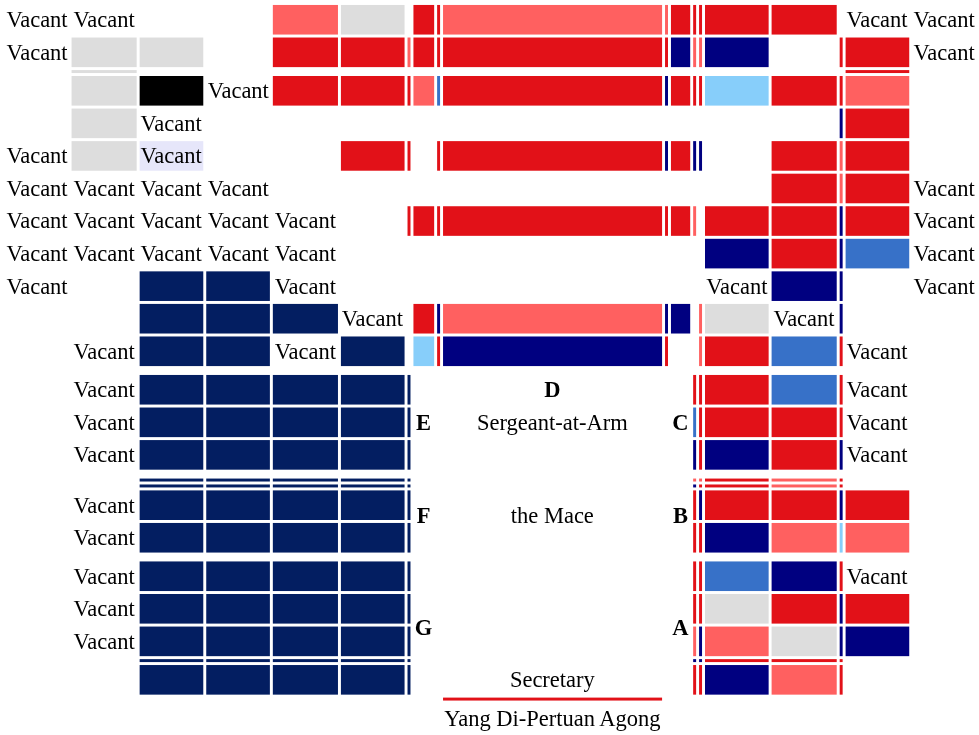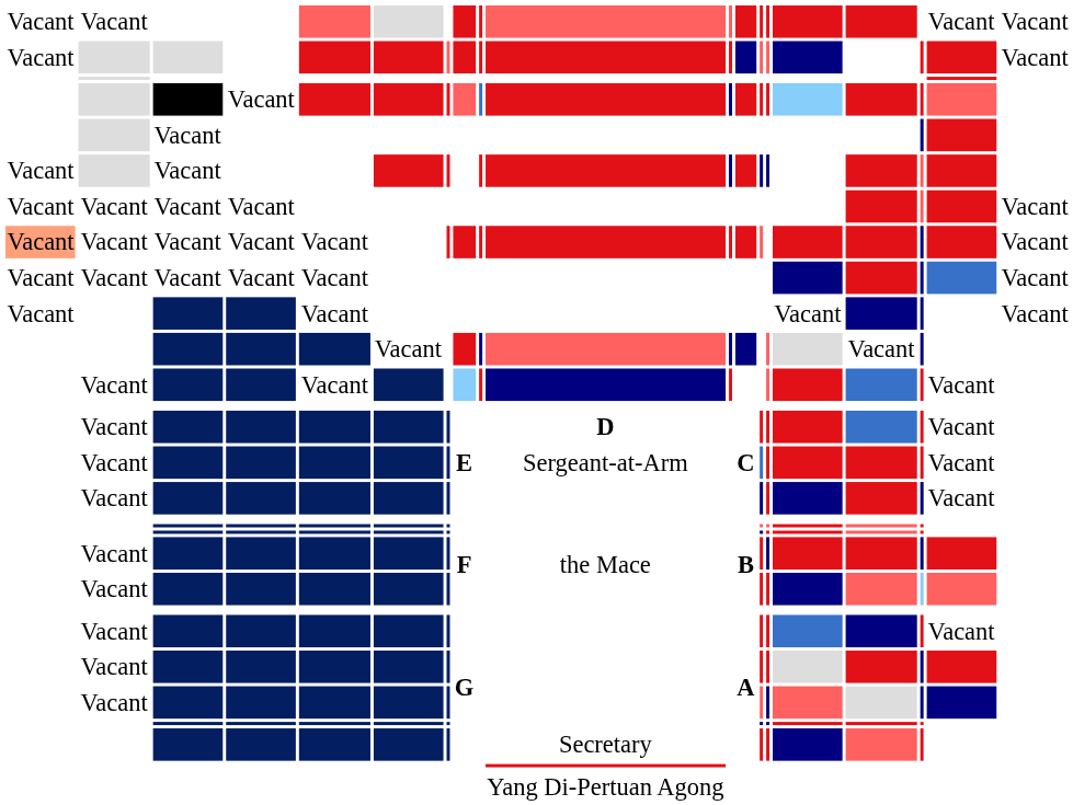 <table style="font-size:95%; text-align:center;">
 <tr>
 <td>Vacant</td>
 <td>Vacant</td>
 <td></td>
 <td style="background-color:"></td>
 <td style="background-color:#FF6060;"></td>
 <td style="background-color:#DDDDDD;"></td>
 <td style="background-color:"></td>
 <td style="background-color:#E21118;"></td>
 <td style="background-color:#E21118;"></td>
 <td style="background-color:#FF6060;"></td>
 <td style="background-color:#FF6060;"></td>
 <td style="background-color:#E21118;"></td>
 <td style="background-color:#E21118;"></td>
 <td style="background-color:#E21118;"></td>
 <td style="background-color:#E21118;"></td>
 <td style="background-color:#E21118;"></td>
 <td></td>
 <td>Vacant</td>
 <td>Vacant</td>
 </tr>
 <tr>
 <td>Vacant</td>
 <td style="background-color:#DDDDDD;"></td>
 <td style="background-color:#DDDDDD;"></td>
 <td></td>
 <td style="background-color:#E21118;"></td>
 <td style="background-color:#E21118;"></td>
 <td style="background-color:#FF6060;"></td>
 <td style="background-color:#E21118;"></td>
 <td style="background-color:#E21118;"></td>
 <td style="background-color:#E21118;"></td>
 <td style="background-color:#E21118;"></td>
 <td style="background-color:#000080;"></td>
 <td style="background-color:#FF6060;"></td>
 <td style="background-color:#FF6060;"></td>
 <td style="background-color:#000080;"></td>
 <td></td>
 <td style="background-color:#E21118;"></td>
 <td style="background-color:#E21118;"></td>
 <td>Vacant</td>
 </tr>
 <tr>
 <td></td>
 <td style="background-color:#DDDDDD;"></td>
 <td></td>
 <td></td>
 <td></td>
 <td></td>
 <td></td>
 <td></td>
 <td></td>
 <td></td>
 <td></td>
 <td></td>
 <td></td>
 <td></td>
 <td></td>
 <td></td>
 <td></td>
 <td style="background-color:#E21118;"></td>
 <td></td>
 </tr>
 <tr>
 <td></td>
 <td style="background-color:#DDDDDD;"></td>
 <td style="background-color:black;"></td>
 <td>Vacant</td>
 <td style="background-color:#E21118;"></td>
 <td style="background-color:#E21118;"></td>
 <td style="background-color:#E21118;"></td>
 <td style="background-color:#FF6060;"></td>
 <td style="background-color:#3771C8;"></td>
 <td style="background-color:#E21118;"></td>
 <td style="background-color:#000080;"></td>
 <td style="background-color:#E21118;"></td>
 <td style="background-color:#E21118;"></td>
 <td style="background-color:#E21118;"></td>
 <td style="background-color:#87CEFA;"></td>
 <td style="background-color:#E21118;"></td>
 <td style="background-color:#E21118;"></td>
 <td style="background-color:#FF6060;"></td>
 <td></td>
 </tr>
 <tr>
 <td></td>
 <td style="background-color:#DDDDDD;"></td>
 <td>Vacant</td>
 <td></td>
 <td></td>
 <td></td>
 <td></td>
 <td></td>
 <td></td>
 <td></td>
 <td></td>
 <td></td>
 <td></td>
 <td></td>
 <td></td>
 <td></td>
 <td style="background-color:#000080;"></td>
 <td style="background-color:#E21118;"></td>
 <td></td>
 </tr>
 <tr>
 <td>Vacant</td>
 <td style="background-color:#DDDDDD;"></td>
-<td style="background: lavender;">Vacant</td>
+<td>Vacant</td>
 <td></td>
 <td></td>
 <td style="background-color:#E21118;"></td>
 <td style="background-color:#E21118;"></td>
 <td style="background-color:"></td>
 <td style="background-color:#E21118;"></td>
 <td style="background-color:#E21118;"></td>
 <td style="background-color:#000080;"></td>
 <td style="background-color:#E21118;"></td>
 <td style="background-color:#000080;"></td>
 <td style="background-color:#000080;"></td>
 <td></td>
 <td style="background-color:#E21118;"></td>
 <td style="background-color:#FF6060;"></td>
 <td style="background-color:#E21118;"></td>
 </tr>
 <tr>
 <td>Vacant</td>
 <td>Vacant</td>
 <td>Vacant</td>
 <td>Vacant</td>
 <td></td>
 <td></td>
 <td></td>
 <td></td>
 <td></td>
 <td></td>
 <td></td>
 <td></td>
 <td></td>
 <td></td>
 <td></td>
 <td style="background-color:#E21118;"></td>
 <td style="background-color:#FF6060;"></td>
 <td style="background-color:#E21118;"></td>
 <td>Vacant</td>
 </tr>
 <tr>
-<td>Vacant</td>
+<td style="background: lightsalmon;">Vacant</td>
 <td>Vacant</td>
 <td>Vacant</td>
 <td>Vacant</td>
 <td>Vacant</td>
 <td></td>
 <td style="background-color:#E21118;"></td>
 <td style="background-color:#E21118;"></td>
 <td style="background-color:#E21118;"></td>
 <td style="background-color:#E21118;"></td>
 <td style="background-color:#E21118;"></td>
 <td style="background-color:#E21118;"></td>
 <td style="background-color:#FF6060;"></td>
 <td></td>
 <td style="background-color:#E21118;"></td>
 <td style="background-color:#E21118;"></td>
 <td style="background-color:#000080;"></td>
 <td style="background-color:#E21118;"></td>
 <td>Vacant</td>
 </tr>
 <tr>
 <td>Vacant</td>
 <td>Vacant</td>
 <td>Vacant</td>
 <td>Vacant</td>
 <td>Vacant</td>
 <td></td>
 <td></td>
 <td></td>
 <td></td>
 <td></td>
 <td></td>
 <td></td>
 <td></td>
 <td></td>
 <td style="background-color:#000080;"></td>
 <td style="background-color:#E21118;"></td>
 <td style="background-color:#000080;"></td>
 <td style="background-color:#3771C8;"></td>
 <td>Vacant</td>
 </tr>
 <tr>
 <td>Vacant</td>
 <td></td>
 <td style="background-color:#031E61;"></td>
 <td style="background-color:#031E61;"></td>
 <td>Vacant</td>
 <td></td>
 <td></td>
 <td></td>
 <td></td>
 <td></td>
 <td></td>
 <td></td>
 <td></td>
 <td></td>
 <td>Vacant</td>
 <td style="background-color:#000080;"></td>
 <td style="background-color:#000080;"></td>
 <td></td>
 <td>Vacant</td>
 </tr>
 <tr>
 <td></td>
 <td></td>
 <td style="background-color:#031E61;"></td>
 <td style="background-color:#031E61;"></td>
 <td style="background-color:#031E61;"></td>
 <td>Vacant</td>
 <td></td>
 <td style="background-color:#E21118;"></td>
 <td style="background-color:#000080;"></td>
 <td style="background-color:#FF6060;"></td>
 <td style="background-color:#000080;"></td>
 <td style="background-color:#000080;"></td>
 <td></td>
 <td style="background-color:#FF6060;"></td>
 <td style="background-color:#DDDDDD;"></td>
 <td>Vacant</td>
 <td style="background-color:#000080;"></td>
 </tr>
 <tr>
 <td></td>
 <td>Vacant</td>
 <td style="background-color:#031E61;"></td>
 <td style="background-color:#031E61;"></td>
 <td>Vacant</td>
 <td style="background-color:#031E61;"></td>
 <td></td>
 <td style="background-color:#87CEFA;"></td>
 <td style="background-color:#E21118;"></td>
 <td style="background-color:#000080;"></td>
 <td style="background-color:#E21118;"></td>
 <td></td>
 <td></td>
 <td style="background-color:#FF6060;"></td>
 <td style="background-color:#E21118;"></td>
 <td style="background-color:#3771C8;"></td>
 <td style="background-color:#E21118;"></td>
 <td>Vacant</td>
 </tr>
 <tr>
 <td colspan="18"></td>
 </tr>
 <tr>
 <td></td>
 <td>Vacant</td>
 <td style="background-color:#031E61;"></td>
 <td style="background-color:#031E61;"></td>
 <td style="background-color:#031E61;"></td>
 <td style="background-color:#031E61;"></td>
 <td style="background-color:#031E61;"></td>
 <td rowspan="3"><strong>E</strong></td>
 <td></td>
 <td><strong>D</strong></td>
 <td></td>
 <td rowspan=3><strong>C</strong></td>
 <td style="background-color:#E21118;"></td>
 <td style="background-color:#E21118;"></td>
 <td style="background-color:#E21118;"></td>
 <td style="background-color:#3771C8;"></td>
 <td style="background-color:#E21118;"></td>
 <td>Vacant</td>
 <td></td>
 </tr>
 <tr>
 <td></td>
 <td>Vacant</td>
 <td style="background-color:#031E61;"></td>
 <td style="background-color:#031E61;"></td>
 <td style="background-color:#031E61;"></td>
 <td style="background-color:#031E61;"></td>
 <td style="background-color:#031E61;"></td>
 <td></td>
 <td>Sergeant-at-Arm</td>
 <td></td>
 <td style="background-color:#3771C8;"></td>
 <td style="background-color:#E21118;"></td>
 <td style="background-color:#E21118;"></td>
 <td style="background-color:#E21118;"></td>
 <td style="background-color:#E21118;"></td>
 <td>Vacant</td>
 <td></td>
 </tr>
 <tr>
 <td></td>
 <td>Vacant</td>
 <td style="background-color:#031E61;"></td>
 <td style="background-color:#031E61;"></td>
 <td style="background-color:#031E61;"></td>
 <td style="background-color:#031E61;"></td>
 <td style="background-color:#031E61;"></td>
 <td></td>
 <td></td>
 <td></td>
 <td style="background-color:#000080;"></td>
 <td style="background-color:#E21118;"></td>
 <td style="background-color:#000080;"></td>
 <td style="background-color:#E21118;"></td>
 <td style="background-color:#000080;"></td>
 <td>Vacant</td>
 <td></td>
 </tr>
 <tr>
 <td colspan="18"></td>
 </tr>
 <tr>
 <td></td>
 <td></td>
 <td style="background-color:#031E61;"></td>
 <td style="background-color:#031E61;"></td>
 <td style="background-color:#031E61;"></td>
 <td style="background-color:#031E61;"></td>
 <td style="background-color:#031E61;"></td>
 <td rowspan="4"><strong>F</strong></td>
 <td></td>
 <td rowspan=4>the Mace</td>
 <td></td>
 <td rowspan=4><strong>B</strong></td>
 <td style="background-color:#FF6060;"></td>
 <td style="background-color:#FF6060;"></td>
 <td style="background-color:#E21118;"></td>
 <td style="background-color:#FF6060;"></td>
 <td style="background-color:#E21118;"></td>
 <td></td>
 <td></td>
 </tr>
 <tr>
 <td></td>
 <td></td>
 <td style="background-color:#031E61;"></td>
 <td style="background-color:#031E61;"></td>
 <td style="background-color:#031E61;"></td>
 <td style="background-color:#031E61;"></td>
 <td style="background-color:#031E61;"></td>
 <td></td>
 <td></td>
 <td style="background-color:#000080;"></td>
 <td style="background-color:#E21118;"></td>
 <td style="background-color:#E21118;"></td>
 <td style="background-color:#FF6060;"></td>
 <td style="background-color:#E21118;"></td>
 <td></td>
 <td></td>
 </tr>
 <tr>
 <td></td>
 <td>Vacant</td>
 <td style="background-color:#031E61;"></td>
 <td style="background-color:#031E61;"></td>
 <td style="background-color:#031E61;"></td>
 <td style="background-color:#031E61;"></td>
 <td style="background-color:#031E61;"></td>
 <td></td>
 <td></td>
 <td style="background-color:#E21118;"></td>
 <td style="background-color:#000080;"></td>
 <td style="background-color:#E21118;"></td>
 <td style="background-color:#E21118;"></td>
 <td style="background-color:#000080;"></td>
 <td style="background-color:#E21118;"></td>
 <td></td>
 </tr>
 <tr>
 <td></td>
 <td>Vacant</td>
 <td style="background-color:#031E61;"></td>
 <td style="background-color:#031E61;"></td>
 <td style="background-color:#031E61;"></td>
 <td style="background-color:#031E61;"></td>
 <td style="background-color:#031E61;"></td>
 <td></td>
 <td></td>
 <td style="background-color:#E21118;"></td>
 <td style="background-color:#E21118;"></td>
 <td style="background-color:#000080;"></td>
 <td style="background-color:#FF6060;"></td>
 <td style="background-color:#87CEFA;"></td>
 <td style="background-color:#FF6060;"></td>
 <td></td>
 </tr>
 <tr>
 <td colspan="18"></td>
 </tr>
 <tr>
 <td></td>
 <td>Vacant</td>
 <td style="background-color:#031E61;"></td>
 <td style="background-color:#031E61;"></td>
 <td style="background-color:#031E61;"></td>
 <td style="background-color:#031E61;"></td>
 <td style="background-color:#031E61;"></td>
 <td rowspan="5"><strong>G</strong></td>
 <td></td>
 <td></td>
 <td></td>
 <td rowspan=5><strong>A</strong></td>
 <td style="background-color:#E21118;"></td>
 <td style="background-color:#E21118;"></td>
 <td style="background-color:#3771C8;"></td>
 <td style="background-color:#000080;"></td>
 <td style="background-color:#E21118;"></td>
 <td>Vacant</td>
 <td></td>
 </tr>
 <tr>
 <td></td>
 <td>Vacant</td>
 <td style="background-color:#031E61;"></td>
 <td style="background-color:#031E61;"></td>
 <td style="background-color:#031E61;"></td>
 <td style="background-color:#031E61;"></td>
 <td style="background-color:#031E61;"></td>
 <td></td>
 <td></td>
 <td></td>
 <td style="background-color:#E21118;"></td>
 <td style="background-color:#E21118;"></td>
 <td style="background-color:#DDDDDD;"></td>
 <td style="background-color:#E21118;"></td>
 <td style="background-color:#000080;"></td>
 <td style="background-color:#E21118;"></td>
 <td></td>
 </tr>
 <tr>
 <td></td>
 <td>Vacant</td>
 <td style="background-color:#031E61;"></td>
 <td style="background-color:#031E61;"></td>
 <td style="background-color:#031E61;"></td>
 <td style="background-color:#031E61;"></td>
 <td style="background-color:#031E61;"></td>
 <td></td>
 <td></td>
 <td></td>
 <td style="background-color:#FF6060;"></td>
 <td style="background-color:#000080;"></td>
 <td style="background-color:#FF6060;"></td>
 <td style="background-color:#DDDDDD;"></td>
 <td style="background-color:#000080;"></td>
 <td style="background-color:#000080;"></td>
 <td></td>
 </tr>
 <tr>
 <td></td>
 <td></td>
 <td style="background-color:#031E61;"></td>
 <td style="background-color:#031E61;"></td>
 <td style="background-color:#031E61;"></td>
 <td style="background-color:#031E61;"></td>
 <td style="background-color:#031E61;"></td>
 <td></td>
 <td></td>
 <td></td>
 <td style="background-color:#000080;"></td>
 <td style="background-color:#000080;"></td>
 <td style="background-color:#E21118;"></td>
 <td style="background-color:#E21118;"></td>
 <td style="background-color:#E21118;"></td>
 <td></td>
 <td></td>
 </tr>
 <tr>
 <td></td>
 <td></td>
 <td style="background-color:#031E61;"></td>
 <td style="background-color:#031E61;"></td>
 <td style="background-color:#031E61;"></td>
 <td style="background-color:#031E61;"></td>
 <td style="background-color:#031E61;"></td>
 <td></td>
 <td>Secretary</td>
 <td></td>
 <td style="background-color:#E21118;"></td>
 <td style="background-color:#E21118;"></td>
 <td style="background-color:#000080;"></td>
 <td style="background-color:#FF6060;"></td>
 <td style="background-color:#E21118;"></td>
 <td></td>
 <td></td>
 </tr>
 <tr>
 <td colspan="9"></td>
 <td style="background-color:#E21118;"></td>
 <td colspan=9></td>
 </tr>
 <tr>
 <td colspan="9"></td>
 <td>Yang Di-Pertuan Agong</td>
 <td colspan=9></td>
 </tr>
 </table>
